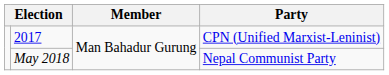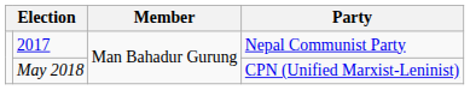 <table class="wikitable">
 <tr>
 <th colspan="2">Election</th>
 <th>Member</th>
 <th>Party</th>
 </tr>
 <tr>
 <td rowspan="2" style="background-color:"></td>
 <td><a href='#'>2017</a></td>
 <td rowspan="2">Man Bahadur Gurung</td>
-<td><a href='#'>CPN (Unified Marxist-Leninist)</a></td>
+<td><a href='#'>Nepal Communist Party</a></td>
 </tr>
 <tr>
 <td><em>May 2018</em></td>
-<td><a href='#'>Nepal Communist Party</a></td>
+<td><a href='#'>CPN (Unified Marxist-Leninist)</a></td>
 </tr>
 </table>
